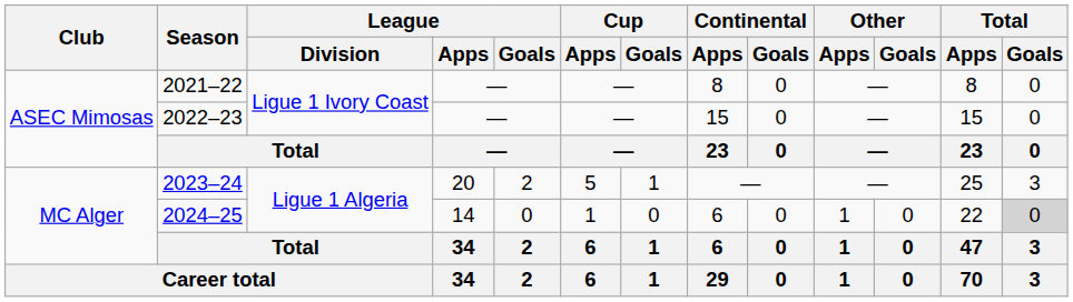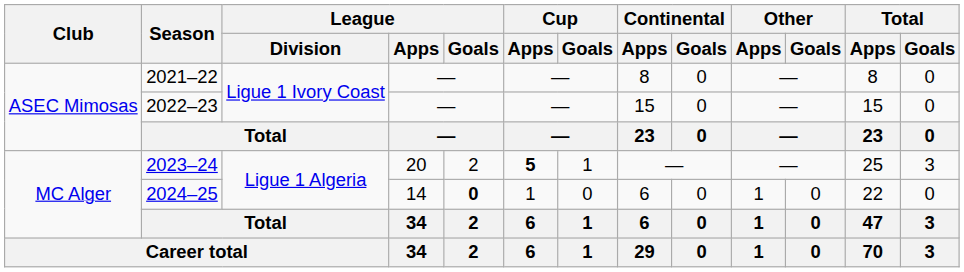 <table class="wikitable" style="text-align: center">
 <tr>
 <th rowspan="2">Club</th>
 <th rowspan="2">Season</th>
 <th colspan="3">League</th>
 <th colspan="2">Cup</th>
 <th colspan="2">Continental</th>
 <th colspan="2">Other</th>
 <th colspan="2">Total</th>
 </tr>
 <tr>
 <th>Division</th>
 <th>Apps</th>
 <th>Goals</th>
 <th>Apps</th>
 <th>Goals</th>
 <th>Apps</th>
 <th>Goals</th>
 <th>Apps</th>
 <th>Goals</th>
 <th>Apps</th>
 <th>Goals</th>
 </tr>
 <tr>
 <td rowspan="3"><a href='#'>ASEC Mimosas</a></td>
 <td>2021–22</td>
 <td rowspan=2><a href='#'>Ligue 1 Ivory Coast</a></td>
 <td colspan=2>—</td>
 <td colspan=2>—</td>
 <td>8</td>
 <td>0</td>
 <td colspan=2>—</td>
 <td>8</td>
 <td>0</td>
 </tr>
 <tr>
 <td>2022–23</td>
 <td colspan=2>—</td>
 <td colspan=2>—</td>
 <td>15</td>
 <td>0</td>
 <td colspan=2>—</td>
 <td>15</td>
 <td>0</td>
 </tr>
 <tr>
 <th colspan="2">Total</th>
 <th colspan=2>—</th>
 <th colspan=2>—</th>
 <th>23</th>
 <th>0</th>
 <th colspan=2>—</th>
 <th>23</th>
 <th>0</th>
 </tr>
 <tr>
 <td rowspan="3"><a href='#'>MC Alger</a></td>
 <td><a href='#'>2023–24</a></td>
 <td rowspan="2"><a href='#'>Ligue 1 Algeria</a></td>
 <td>20</td>
 <td>2</td>
-<td>5</td>
+<td><strong>5</strong></td>
 <td>1</td>
 <td colspan=2>—</td>
 <td colspan=2>—</td>
 <td>25</td>
 <td>3</td>
 </tr>
 <tr>
 <td><a href='#'>2024–25</a></td>
 <td>14</td>
-<td>0</td>
+<td><strong>0</strong></td>
 <td>1</td>
 <td>0</td>
 <td>6</td>
 <td>0</td>
 <td>1</td>
 <td>0</td>
 <td>22</td>
-<td style="background: lightgrey;">0</td>
+<td>0</td>
 </tr>
 <tr>
 <th colspan="2">Total</th>
 <th>34</th>
 <th>2</th>
 <th>6</th>
 <th>1</th>
 <th>6</th>
 <th>0</th>
 <th>1</th>
 <th>0</th>
 <th>47</th>
 <th>3</th>
 </tr>
 <tr>
 <th colspan="3">Career total</th>
 <th>34</th>
 <th>2</th>
 <th>6</th>
 <th>1</th>
 <th>29</th>
 <th>0</th>
 <th>1</th>
 <th>0</th>
 <th>70</th>
 <th>3</th>
 </tr>
 </table>
